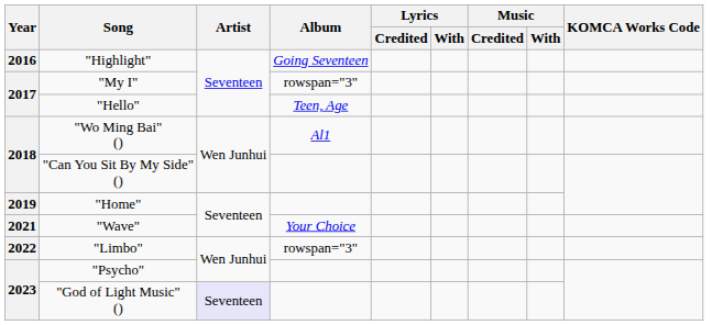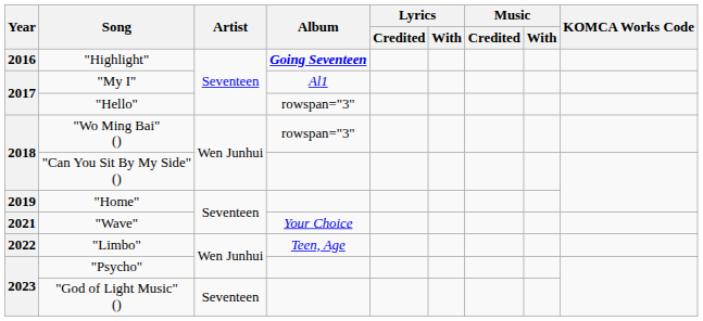 <table class="wikitable plainrowheaders sortable" style="text-align:center; width;100%">
 <tr>
 <th scope="col" rowspan="2">Year</th>
 <th scope="col" rowspan="2">Song</th>
 <th scope="col" rowspan="2">Artist</th>
 <th scope="col" rowspan="2">Album</th>
 <th scope="col" colspan="2">Lyrics</th>
 <th scope="col" colspan="2">Music</th>
 <th rowspan="2">KOMCA Works Code</th>
 </tr>
 <tr>
 <th>Credited</th>
 <th>With</th>
 <th>Credited</th>
 <th>With</th>
 </tr>
 <tr>
 <th scope="row">2016</th>
 <td>"Highlight"<br></td>
 <td rowspan="3"><a href='#'>Seventeen</a></td>
-<td><em><a href='#'>Going Seventeen</a></em></td>
+<td><strong><em><a href='#'>Going Seventeen</a></em></strong></td>
 <td></td>
 <td></td>
 <td></td>
 <td></td>
 <td></td>
 </tr>
 <tr>
 <th scope="row" rowspan="2">2017</th>
 <td>"My I"<br></td>
-<td>rowspan="3" </td>
+<td><em><a href='#'>Al1</a></em></td>
 <td></td>
 <td></td>
 <td></td>
 <td></td>
 <td></td>
 </tr>
 <tr>
 <td>"Hello"</td>
-<td><em><a href='#'>Teen, Age</a></em></td>
+<td>rowspan="3" </td>
 <td></td>
 <td></td>
 <td></td>
 <td></td>
 <td></td>
 </tr>
 <tr>
 <th scope="row" rowspan="2">2018</th>
 <td>"Wo Ming Bai"<br>()</td>
 <td rowspan="2">Wen Junhui</td>
-<td><em><a href='#'>Al1</a></em></td>
+<td>rowspan="3" </td>
 <td></td>
 <td></td>
 <td></td>
 <td></td>
 <td></td>
 </tr>
 <tr>
 <td>"Can You Sit By My Side"<br>()</td>
 <td></td>
 <td></td>
 <td></td>
 <td></td>
 <td></td>
 </tr>
 <tr>
 <th scope="row">2019</th>
 <td>"Home"<br></td>
 <td rowspan="2">Seventeen</td>
 <td></td>
 <td></td>
 <td></td>
 <td></td>
 <td></td>
 </tr>
 <tr>
 <th scope="row">2021</th>
 <td>"Wave"<br></td>
 <td><em><a href='#'>Your Choice</a></em></td>
 <td></td>
 <td></td>
 <td></td>
 <td></td>
 <td></td>
 </tr>
 <tr>
 <th scope="row">2022</th>
 <td>"Limbo"</td>
 <td rowspan="2">Wen Junhui</td>
-<td>rowspan="3" </td>
+<td><em><a href='#'>Teen, Age</a></em></td>
 <td></td>
 <td></td>
 <td></td>
 <td></td>
 <td></td>
 </tr>
 <tr>
 <th scope="row" rowspan="3">2023</th>
 <td>"Psycho"</td>
 <td></td>
 <td></td>
 <td></td>
 <td></td>
 <td></td>
 </tr>
 <tr>
 <td>"God of Light Music"<br>()</td>
-<td style="background: lavender;">Seventeen</td>
+<td>Seventeen</td>
 <td></td>
 <td></td>
 <td></td>
 <td></td>
 <td></td>
 </tr>
 </table>
